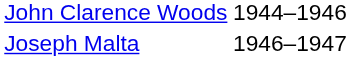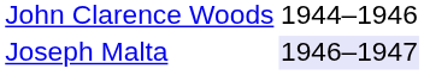 <table>
 <tr>
 <td><a href='#'>John Clarence Woods</a></td>
 <td>1944–1946</td>
 </tr>
 <tr>
 <td><a href='#'>Joseph Malta</a></td>
-<td>1946–1947</td>
+<td style="background: lavender;">1946–1947</td>
 </tr>
 </table>
